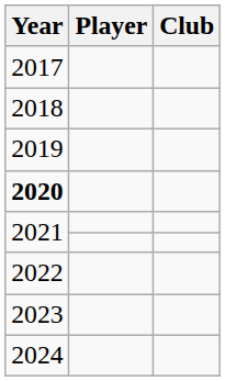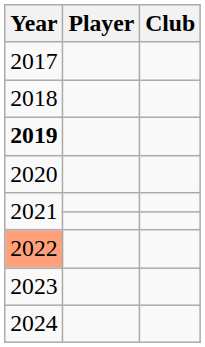 <table class="wikitable sortable">
 <tr>
 <th>Year</th>
 <th>Player</th>
 <th>Club</th>
 </tr>
 <tr>
 <td>2017</td>
 <td></td>
 <td></td>
 </tr>
 <tr>
 <td>2018</td>
 <td></td>
 <td></td>
 </tr>
 <tr>
-<td>2019</td>
+<td><strong>2019</strong></td>
 <td></td>
 <td></td>
 </tr>
 <tr>
-<td><strong>2020</strong></td>
+<td>2020</td>
 <td></td>
 <td></td>
 </tr>
 <tr>
 <td rowspan="2">2021</td>
 <td></td>
 <td></td>
 </tr>
 <tr>
 <td></td>
 <td></td>
 </tr>
 <tr>
-<td>2022</td>
+<td style="background: lightsalmon;">2022</td>
 <td></td>
 <td></td>
 </tr>
 <tr>
 <td>2023</td>
 <td></td>
 <td></td>
 </tr>
 <tr>
 <td>2024</td>
 <td></td>
 <td></td>
 </tr>
 </table>
